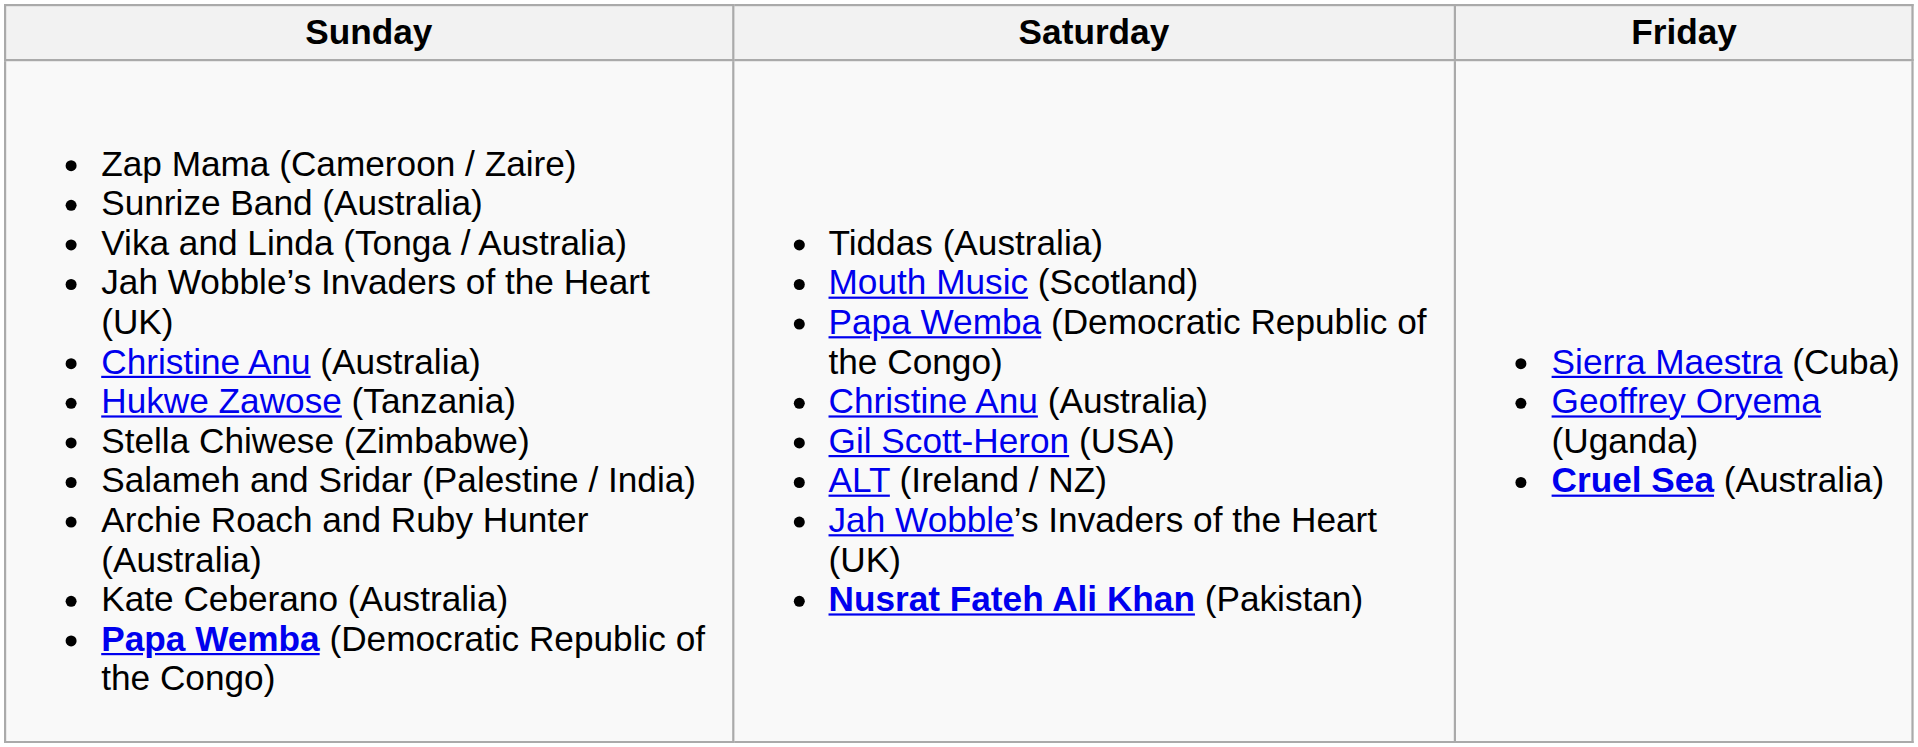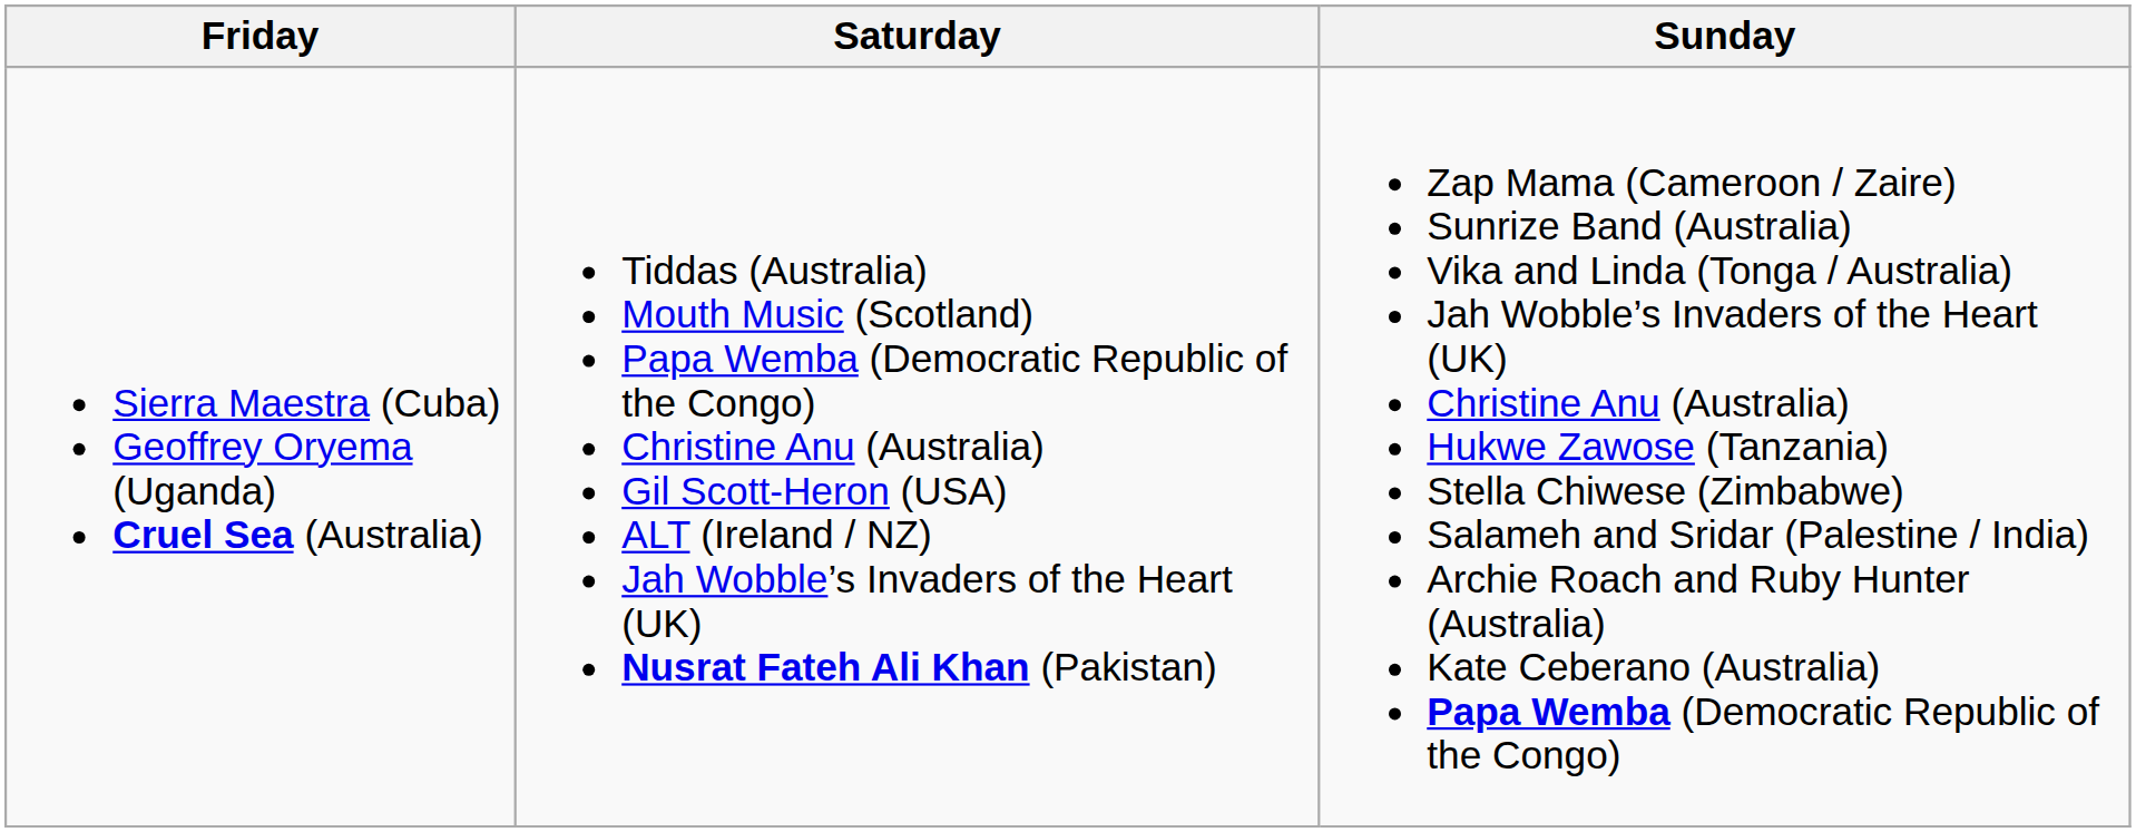 <table class="wikitable">
 <tr>
+<th>Friday</th>
+<th>Saturday</th>
 <th>Sunday</th>
-<th>Saturday</th>
-<th>Friday</th>
 </tr>
 <tr>
+<td><br><ul><li><a href='#'>Sierra Maestra</a> (Cuba)</li><li><a href='#'>Geoffrey Oryema</a> (Uganda)</li><li><strong><a href='#'>Cruel Sea</a></strong> (Australia)</li></ul></td>
+<td><br><ul><li>Tiddas (Australia)</li><li><a href='#'>Mouth Music</a> (Scotland)</li><li><a href='#'>Papa Wemba</a> (Democratic Republic of the Congo)</li><li><a href='#'>Christine Anu</a> (Australia)</li><li><a href='#'>Gil Scott-Heron</a> (USA)</li><li><a href='#'>ALT</a> (Ireland / NZ)</li><li><a href='#'>Jah Wobble</a>’s Invaders of the Heart (UK)</li><li><strong><a href='#'>Nusrat Fateh Ali Khan</a></strong> (Pakistan)</li></ul></td>
 <td><br><ul><li>Zap Mama (Cameroon / Zaire)</li><li>Sunrize Band (Australia)</li><li>Vika and Linda (Tonga / Australia)</li><li>Jah Wobble’s Invaders of the Heart (UK)</li><li><a href='#'>Christine Anu</a> (Australia)</li><li><a href='#'>Hukwe Zawose</a> (Tanzania)</li><li>Stella Chiwese (Zimbabwe)</li><li>Salameh and Sridar (Palestine / India)</li><li>Archie Roach and Ruby Hunter (Australia)</li><li>Kate Ceberano (Australia)</li><li><strong><a href='#'>Papa Wemba</a></strong> (Democratic Republic of the Congo)</li></ul></td>
-<td><br><ul><li>Tiddas (Australia)</li><li><a href='#'>Mouth Music</a> (Scotland)</li><li><a href='#'>Papa Wemba</a> (Democratic Republic of the Congo)</li><li><a href='#'>Christine Anu</a> (Australia)</li><li><a href='#'>Gil Scott-Heron</a> (USA)</li><li><a href='#'>ALT</a> (Ireland / NZ)</li><li><a href='#'>Jah Wobble</a>’s Invaders of the Heart (UK)</li><li><strong><a href='#'>Nusrat Fateh Ali Khan</a></strong> (Pakistan)</li></ul></td>
-<td><br><ul><li><a href='#'>Sierra Maestra</a> (Cuba)</li><li><a href='#'>Geoffrey Oryema</a> (Uganda)</li><li><strong><a href='#'>Cruel Sea</a></strong> (Australia)</li></ul></td>
 </tr>
 </table>
